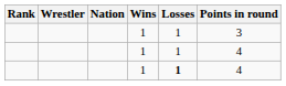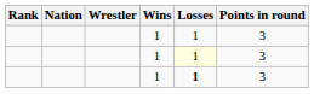 <table class="wikitable sortable" style="text-align:center;">
 <tr>
 <th>Rank</th>
+<th>Nation</th>
 <th>Wrestler</th>
-<th>Nation</th>
 <th>Wins</th>
 <th>Losses</th>
 <th>Points in round</th>
 </tr>
 <tr>
 <td></td>
 <td align=left></td>
 <td align=left></td>
 <td>1</td>
 <td>1</td>
 <td>3</td>
 </tr>
 <tr>
 <td></td>
 <td align=left></td>
 <td align=left></td>
 <td>1</td>
-<td>1</td>
-<td>4</td>
+<td style="background: lightyellow;">1</td>
+<td>3</td>
 </tr>
 <tr>
 <td></td>
 <td align=left></td>
 <td align=left></td>
 <td>1</td>
 <td><strong>1</strong></td>
-<td>4</td>
+<td>3</td>
 </tr>
 </table>
